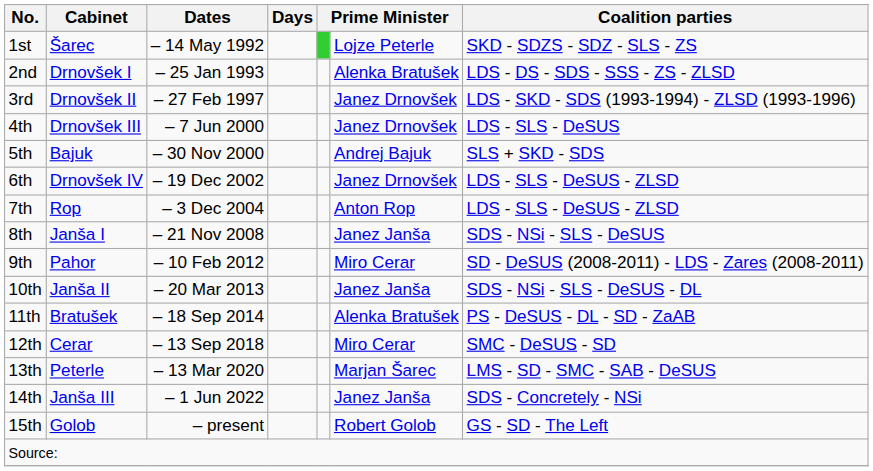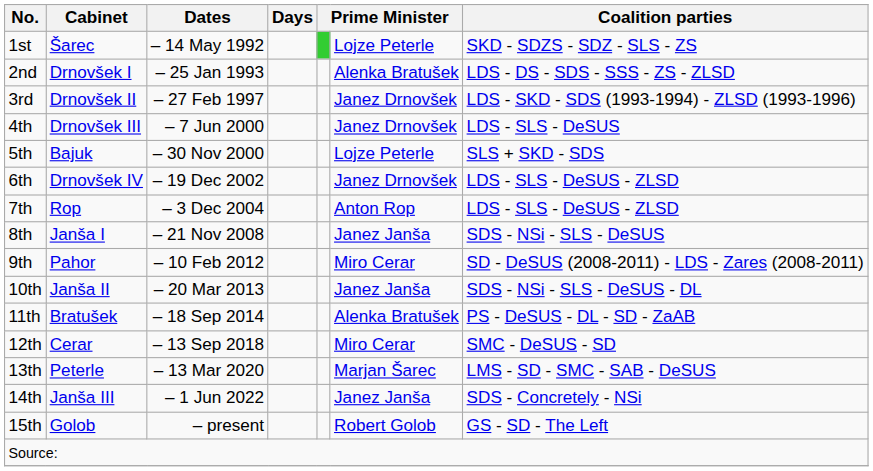 <table class="wikitable sortable">
 <tr>
 <th>No.</th>
 <th>Cabinet</th>
 <th>Dates</th>
 <th>Days</th>
 <th colspan=2>Prime Minister</th>
 <th>Coalition parties</th>
 </tr>
 <tr>
 <td>1st</td>
 <td><a href='#'>Šarec</a></td>
 <td align="right"> – 14 May 1992</td>
 <td align="right"></td>
 <td width=5px style="background:limegreen;"></td>
 <td><a href='#'>Lojze Peterle</a></td>
 <td><a href='#'>SKD</a> - <a href='#'>SDZS</a> - <a href='#'>SDZ</a> - <a href='#'>SLS</a> - <a href='#'>ZS</a></td>
 </tr>
 <tr>
 <td>2nd</td>
 <td><a href='#'>Drnovšek I</a></td>
 <td align="right"> – 25 Jan 1993</td>
 <td align="right"></td>
 <td width=5px style="background-color: "></td>
 <td><a href='#'>Alenka Bratušek</a></td>
 <td><a href='#'>LDS</a> - <a href='#'>DS</a> - <a href='#'>SDS</a> - <a href='#'>SSS</a> - <a href='#'>ZS</a> - <a href='#'>ZLSD</a></td>
 </tr>
 <tr>
 <td>3rd</td>
 <td><a href='#'>Drnovšek II</a></td>
 <td align="right"> – 27 Feb 1997</td>
 <td align="right"></td>
 <td width=5px style="background-color: "></td>
 <td><a href='#'>Janez Drnovšek</a></td>
 <td><a href='#'>LDS</a> - <a href='#'>SKD</a> - <a href='#'>SDS</a> (1993-1994) - <a href='#'>ZLSD</a> (1993-1996)</td>
 </tr>
 <tr>
 <td>4th</td>
 <td><a href='#'>Drnovšek III</a></td>
 <td align="right"> –  7 Jun 2000</td>
 <td align="right"></td>
 <td width=5px style="background-color: "></td>
 <td><a href='#'>Janez Drnovšek</a></td>
 <td><a href='#'>LDS</a> - <a href='#'>SLS</a> - <a href='#'>DeSUS</a></td>
 </tr>
 <tr>
 <td>5th</td>
 <td><a href='#'>Bajuk</a></td>
 <td align="right"> – 30 Nov 2000</td>
 <td align="right"></td>
 <td width=5px style="background-color: "></td>
-<td><a href='#'>Andrej Bajuk</a></td>
+<td><a href='#'>Lojze Peterle</a></td>
 <td><a href='#'>SLS</a> + <a href='#'>SKD</a> - <a href='#'>SDS</a></td>
 </tr>
 <tr>
 <td>6th</td>
 <td><a href='#'>Drnovšek IV</a></td>
 <td align="right"> – 19 Dec 2002</td>
 <td align="right"></td>
 <td width=5px style="background-color: "></td>
 <td><a href='#'>Janez Drnovšek</a></td>
 <td><a href='#'>LDS</a> - <a href='#'>SLS</a> - <a href='#'>DeSUS</a> - <a href='#'>ZLSD</a></td>
 </tr>
 <tr>
 <td>7th</td>
 <td><a href='#'>Rop</a></td>
 <td align="right"> –  3 Dec 2004</td>
 <td align="right"></td>
 <td width=5px style="background-color: "></td>
 <td><a href='#'>Anton Rop</a></td>
 <td><a href='#'>LDS</a> - <a href='#'>SLS</a> - <a href='#'>DeSUS</a> - <a href='#'>ZLSD</a></td>
 </tr>
 <tr>
 <td>8th</td>
 <td><a href='#'>Janša I</a></td>
 <td align="right"> –  21 Nov 2008</td>
 <td align="right"></td>
 <td width=5px style="background-color: "></td>
 <td><a href='#'>Janez Janša</a></td>
 <td><a href='#'>SDS</a> - <a href='#'>NSi</a> - <a href='#'>SLS</a> - <a href='#'>DeSUS</a></td>
 </tr>
 <tr>
 <td>9th</td>
 <td><a href='#'>Pahor</a></td>
 <td align="right"> – 10 Feb 2012</td>
 <td align="right"></td>
 <td width=5px style="background-color: "></td>
 <td><a href='#'>Miro Cerar</a></td>
 <td><a href='#'>SD</a> - <a href='#'>DeSUS</a> (2008-2011) - <a href='#'>LDS</a> - <a href='#'>Zares</a> (2008-2011)</td>
 </tr>
 <tr>
 <td>10th</td>
 <td><a href='#'>Janša II</a></td>
 <td align="right"> – 20 Mar 2013</td>
 <td align="right"></td>
 <td width=5px style="background-color: "></td>
 <td><a href='#'>Janez Janša</a></td>
 <td><a href='#'>SDS</a> - <a href='#'>NSi</a> - <a href='#'>SLS</a> - <a href='#'>DeSUS</a> - <a href='#'>DL</a></td>
 </tr>
 <tr>
 <td>11th</td>
 <td><a href='#'>Bratušek</a></td>
 <td align="right"> – 18 Sep 2014</td>
 <td align="right"></td>
 <td width=5px style="background-color: "></td>
 <td><a href='#'>Alenka Bratušek</a></td>
 <td><a href='#'>PS</a> - <a href='#'>DeSUS</a> - <a href='#'>DL</a> - <a href='#'>SD</a> - <a href='#'>ZaAB</a></td>
 </tr>
 <tr>
 <td>12th</td>
 <td><a href='#'>Cerar</a></td>
 <td align="right"> – 13 Sep 2018</td>
 <td align="right"></td>
 <td width=5px style="background-color: "></td>
 <td><a href='#'>Miro Cerar</a></td>
 <td><a href='#'>SMC</a> - <a href='#'>DeSUS</a> - <a href='#'>SD</a></td>
 </tr>
 <tr>
 <td>13th</td>
 <td><a href='#'>Peterle</a></td>
 <td align="right"> – 13 Mar 2020</td>
 <td align="right"></td>
 <td width=5px style="background-color: "></td>
 <td><a href='#'>Marjan Šarec</a></td>
 <td><a href='#'>LMS</a> - <a href='#'>SD</a> - <a href='#'>SMC</a> - <a href='#'>SAB</a> - <a href='#'>DeSUS</a></td>
 </tr>
 <tr>
 <td>14th</td>
 <td><a href='#'>Janša III</a></td>
 <td align="right"> –  1 Jun 2022</td>
 <td align="right"></td>
 <td width=5px style="background-color: "></td>
 <td><a href='#'>Janez Janša</a></td>
 <td><a href='#'>SDS</a> - <a href='#'>Concretely</a> - <a href='#'>NSi</a></td>
 </tr>
 <tr>
 <td>15th</td>
 <td><a href='#'>Golob</a></td>
 <td align="right"> – present</td>
 <td align="right"></td>
 <td width=5px style="background-color: "></td>
 <td><a href='#'>Robert Golob</a></td>
 <td><a href='#'>GS</a> - <a href='#'>SD</a> - <a href='#'>The Left</a></td>
 </tr>
 <tr>
 <td colspan=7><small>Source: </small></td>
 </tr>
 <tr>
 </tr>
 </table>
